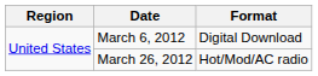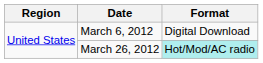 <table class=wikitable>
 <tr>
 <th>Region</th>
 <th>Date</th>
 <th>Format</th>
 </tr>
 <tr>
 <td rowspan="2"><a href='#'>United States</a></td>
 <td>March 6, 2012</td>
 <td>Digital Download</td>
 </tr>
 <tr>
 <td>March 26, 2012</td>
-<td>Hot/Mod/AC radio</td>
+<td style="background: paleturquoise;">Hot/Mod/AC radio</td>
 </tr>
 </table>
